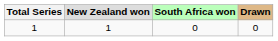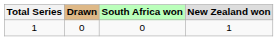 <table class="wikitable">
 <tr>
 <th>Total Series</th>
+<th style="background:#deb887">Drawn</th>
+<th style="background:#bbffbb">South Africa won</th>
 <th style="background:#ddd">New Zealand won</th>
-<th style="background:#bbffbb">South Africa won</th>
-<th style="background:#deb887">Drawn</th>
 </tr>
 <tr>
 <td style="text-align:center">1</td>
-<td style="text-align:center">1</td>
 <td style="text-align:center">0</td>
 <td style="text-align:center">0</td>
+<td style="text-align:center">1</td>
 </tr>
 </table>
